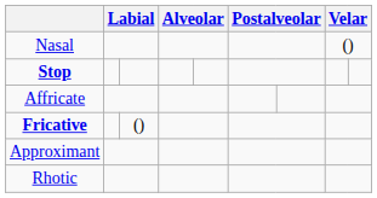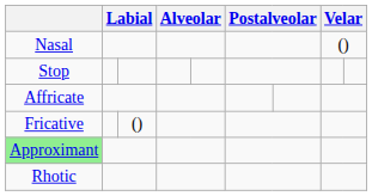 <table class="wikitable" style="margin: 0 auto; text-align:center;">
 <tr>
 <th></th>
 <th colspan="2"><a href='#'>Labial</a></th>
 <th colspan="2"><a href='#'>Alveolar</a></th>
 <th colspan="2"><a href='#'>Postalveolar</a></th>
 <th colspan="2"><a href='#'>Velar</a></th>
 </tr>
 <tr style="text-align:center;">
 <td><a href='#'>Nasal</a></td>
 <td colspan="2"></td>
 <td colspan="2"></td>
 <td colspan="2"></td>
 <td colspan="2">()</td>
 </tr>
 <tr style="text-align:center;">
-<td><strong><a href='#'>Stop</a></strong></td>
+<td><a href='#'>Stop</a></td>
 <td></td>
 <td></td>
 <td></td>
 <td></td>
 <td colspan="2"></td>
 <td></td>
 <td></td>
 </tr>
 <tr style="text-align:center;">
 <td><a href='#'>Affricate</a></td>
 <td colspan="2"></td>
 <td colspan="2"></td>
 <td></td>
 <td></td>
 <td colspan="2"></td>
 </tr>
 <tr style="text-align:center;">
-<td><strong><a href='#'>Fricative</a></strong></td>
+<td><a href='#'>Fricative</a></td>
 <td></td>
 <td>()</td>
 <td colspan="2"></td>
 <td colspan="2"></td>
 <td colspan="2"></td>
 </tr>
 <tr style="text-align:center;">
-<td><a href='#'>Approximant</a></td>
+<td style="background: lightgreen;"><a href='#'>Approximant</a></td>
 <td colspan="2"></td>
 <td colspan="2"></td>
 <td colspan="2"></td>
 <td colspan="2"></td>
 </tr>
 <tr>
 <td><a href='#'>Rhotic</a></td>
 <td colspan="2"></td>
 <td colspan="2"></td>
 <td colspan="2"></td>
 <td colspan="2"></td>
 </tr>
 </table>
